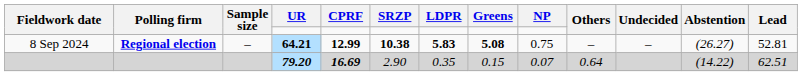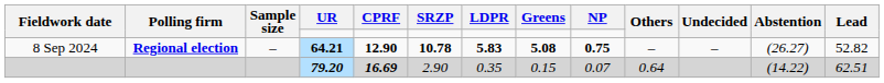 <table class=wikitable style="font-size:95%; line-height:14px; text-align:center">
 <tr>
 <th style=width:120px; rowspan=2>Fieldwork date</th>
 <th style=width:120px; rowspan=2>Polling firm</th>
 <th style=width:50px; rowspan=2>Sample<br>size</th>
 <th style="width:50px;"><a href='#'>UR</a></th>
 <th style="width:50px;"><a href='#'>CPRF</a></th>
 <th style="width:50px;"><a href='#'>SRZP</a></th>
 <th style="width:50px;"><a href='#'>LDPR</a></th>
 <th style="width:50px;"><a href='#'>Greens</a></th>
 <th style="width:50px;"><a href='#'>NP</a></th>
 <th style="width:50px;" rowspan=2>Others</th>
 <th style="width:50px;" rowspan=2>Undecided</th>
 <th style="width:50px;" rowspan=2>Abstention</th>
 <th style="width:50px;" rowspan="2">Lead</th>
 </tr>
 <tr>
 <td bgcolor=></td>
 <td bgcolor=></td>
 <td bgcolor=></td>
 <td bgcolor=></td>
 <td bgcolor=></td>
 <td bgcolor=></td>
 </tr>
 <tr>
 <td>8 Sep 2024</td>
 <td><strong><a href='#'>Regional election</a></strong></td>
 <td>–</td>
 <td style="background:#B3E0FF"><strong>64.21</strong></td>
-<td><strong>12.99</strong></td>
-<td><strong>10.38</strong></td>
+<td><strong>12.90</strong></td>
+<td><strong>10.78</strong></td>
 <td><strong>5.83</strong></td>
 <td><strong>5.08</strong></td>
-<td>0.75</td>
+<td><strong>0.75</strong></td>
 <td>–</td>
 <td>–</td>
 <td><em>(26.27)</em></td>
-<td style="background:">52.81</td>
+<td style="background:">52.82</td>
 </tr>
 <tr style="background:#D5D5D5">
 <td></td>
 <td></td>
 <td></td>
 <td style="background:#B3E0FF"><strong><em>79.20</em></strong></td>
 <td><strong><em>16.69</em></strong></td>
 <td><em>2.90</em></td>
 <td><em>0.35</em></td>
 <td><em>0.15</em></td>
 <td><em>0.07</em></td>
 <td><em>0.64</em></td>
 <td></td>
 <td><em>(14.22)</em></td>
 <td style="background:"><em>62.51</em></td>
 </tr>
 </table>
